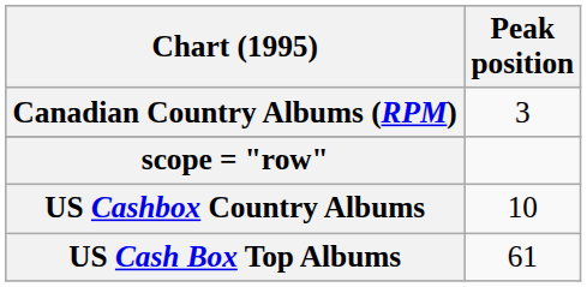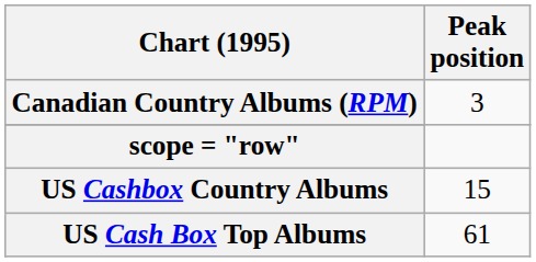 <table class="wikitable sortable plainrowheaders" style="text-align:center">
 <tr>
 <th scope="col">Chart (1995)</th>
 <th scope="col">Peak<br> position</th>
 </tr>
 <tr>
 <th scope="row">Canadian Country Albums (<em><a href='#'>RPM</a></em>)</th>
 <td>3</td>
 </tr>
 <tr>
 </tr>
 <tr>
 </tr>
 <tr>
 <th>scope = "row" </th>
 </tr>
 <tr>
 <th scope="row">US <em><a href='#'>Cashbox</a></em> Country Albums</th>
-<td align="center">10</td>
+<td align="center">15</td>
 </tr>
 <tr>
 <th scope="row">US <em><a href='#'>Cash Box</a></em> Top Albums </th>
 <td align="center">61</td>
 </tr>
 </table>
